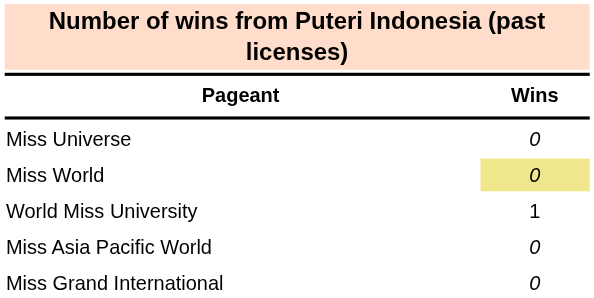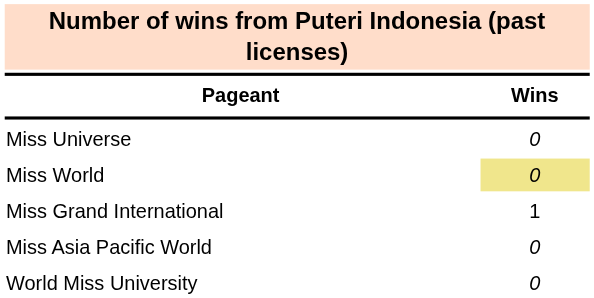 <table class="toccolours" style="width: 30em; float:right; margin-left:1em; font-size:80%; line-height:1.5em; width:30%;">
 <tr>
 <th colspan="2" align="center" style="background:#FFDDCA;"><big>Number of wins from Puteri Indonesia (past licenses)</big></th>
 </tr>
 <tr>
 <td colspan="2" style="background:black"></td>
 </tr>
 <tr>
 <th scope="col">Pageant</th>
 <th scope="col">Wins</th>
 </tr>
 <tr>
 <td colspan="2" style="background:black"></td>
 </tr>
 <tr>
 <td align="left">Miss Universe</td>
 <td align="center"><em>0</em></td>
 </tr>
 <tr>
 <td align="left">Miss World</td>
 <td align="center" style="background: khaki;"><em>0</em></td>
 </tr>
 <tr>
-<td align="left">World Miss University</td>
+<td align="left">Miss Grand International</td>
 <td align="center">1</td>
 </tr>
 <tr>
 <td align="left">Miss Asia Pacific World</td>
 <td align="center"><em>0</em></td>
 </tr>
 <tr>
-<td align="left">Miss Grand International</td>
+<td align="left">World Miss University</td>
 <td align="center"><em>0</em></td>
 </tr>
 <tr>
 </tr>
 </table>
